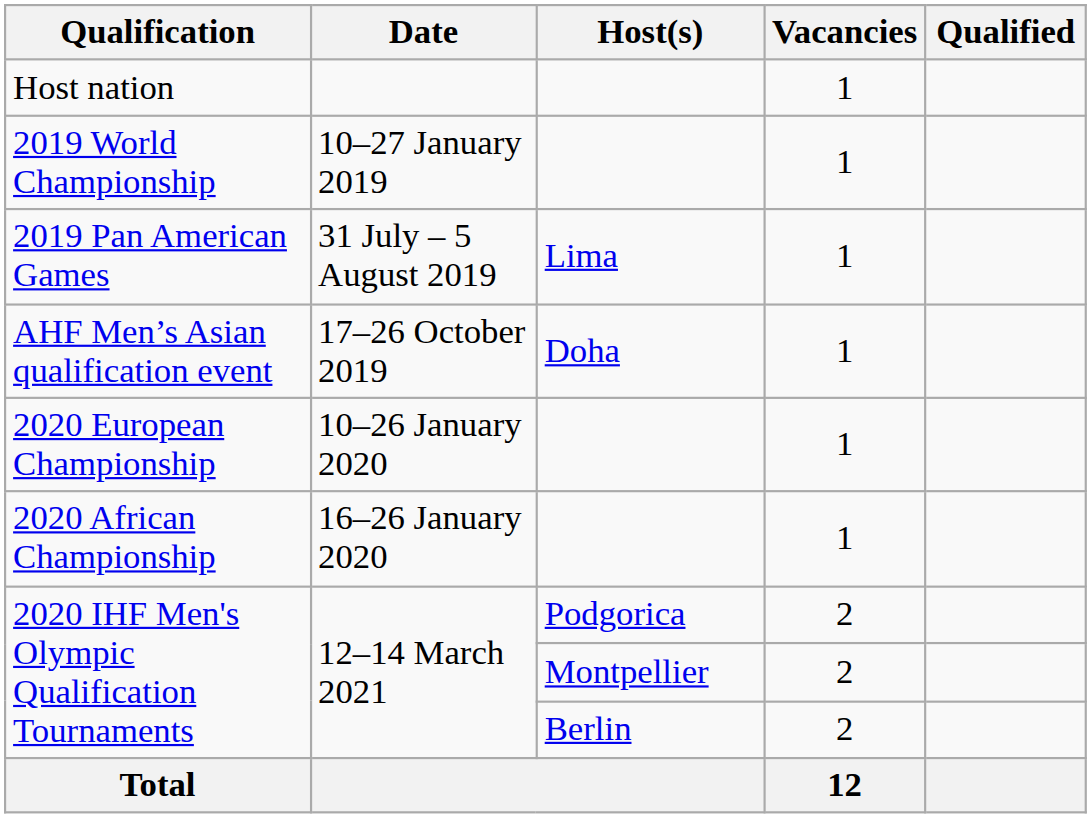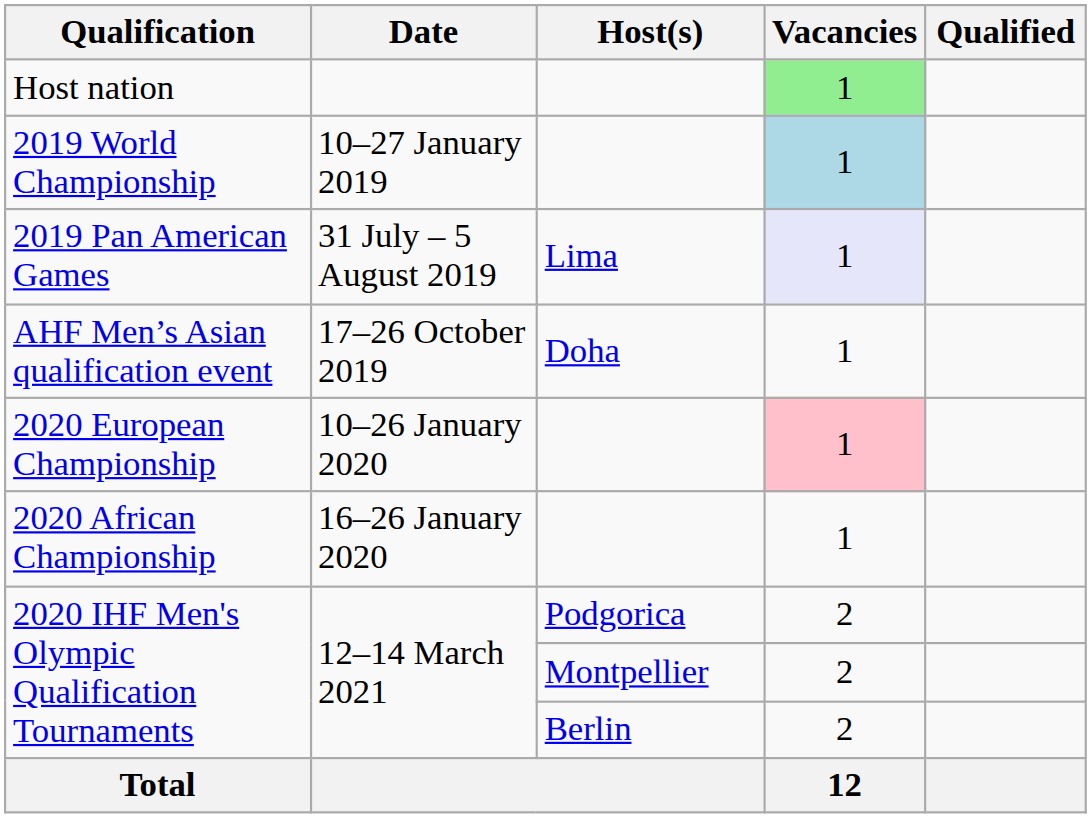 <table class="wikitable" width=80%>
 <tr>
 <th width=30%>Qualification</th>
 <th width=23%>Date</th>
 <th width=22%>Host(s)</th>
 <th width=10%>Vacancies</th>
 <th width=15%>Qualified</th>
 </tr>
 <tr>
 <td>Host nation</td>
 <td></td>
 <td></td>
-<td align="center">1</td>
+<td align="center" style="background: lightgreen;">1</td>
 <td></td>
 </tr>
 <tr>
 <td><a href='#'>2019 World Championship</a></td>
 <td>10–27 January 2019</td>
 <td><br> </td>
-<td align="center">1</td>
+<td align="center" style="background: lightblue;">1</td>
 <td></td>
 </tr>
 <tr>
 <td><a href='#'>2019 Pan American Games</a></td>
 <td>31 July – 5 August 2019</td>
 <td> <a href='#'>Lima</a></td>
-<td align="center">1</td>
+<td align="center" style="background: lavender;">1</td>
 <td></td>
 </tr>
 <tr>
 <td><a href='#'>AHF Men’s Asian qualification event</a></td>
 <td>17–26 October 2019</td>
 <td> <a href='#'>Doha</a></td>
 <td align="center">1</td>
 <td></td>
 </tr>
 <tr>
 <td><a href='#'>2020 European Championship</a></td>
 <td>10–26 January 2020</td>
 <td><br><br></td>
-<td align="center">1</td>
+<td align="center" style="background: pink;">1</td>
 <td></td>
 </tr>
 <tr>
 <td><a href='#'>2020 African Championship</a></td>
 <td>16–26 January 2020</td>
 <td></td>
 <td align="center">1</td>
 <td></td>
 </tr>
 <tr>
 <td rowspan=3><a href='#'>2020 IHF Men's Olympic Qualification Tournaments</a></td>
 <td rowspan=3>12–14 March 2021</td>
 <td> <a href='#'>Podgorica</a></td>
 <td align="center">2</td>
 <td><br></td>
 </tr>
 <tr>
 <td> <a href='#'>Montpellier</a></td>
 <td align="center">2</td>
 <td><br></td>
 </tr>
 <tr>
 <td> <a href='#'>Berlin</a></td>
 <td align="center">2</td>
 <td><br></td>
 </tr>
 <tr>
 <th>Total</th>
 <th colspan="2"></th>
 <th>12</th>
 <th></th>
 </tr>
 </table>
